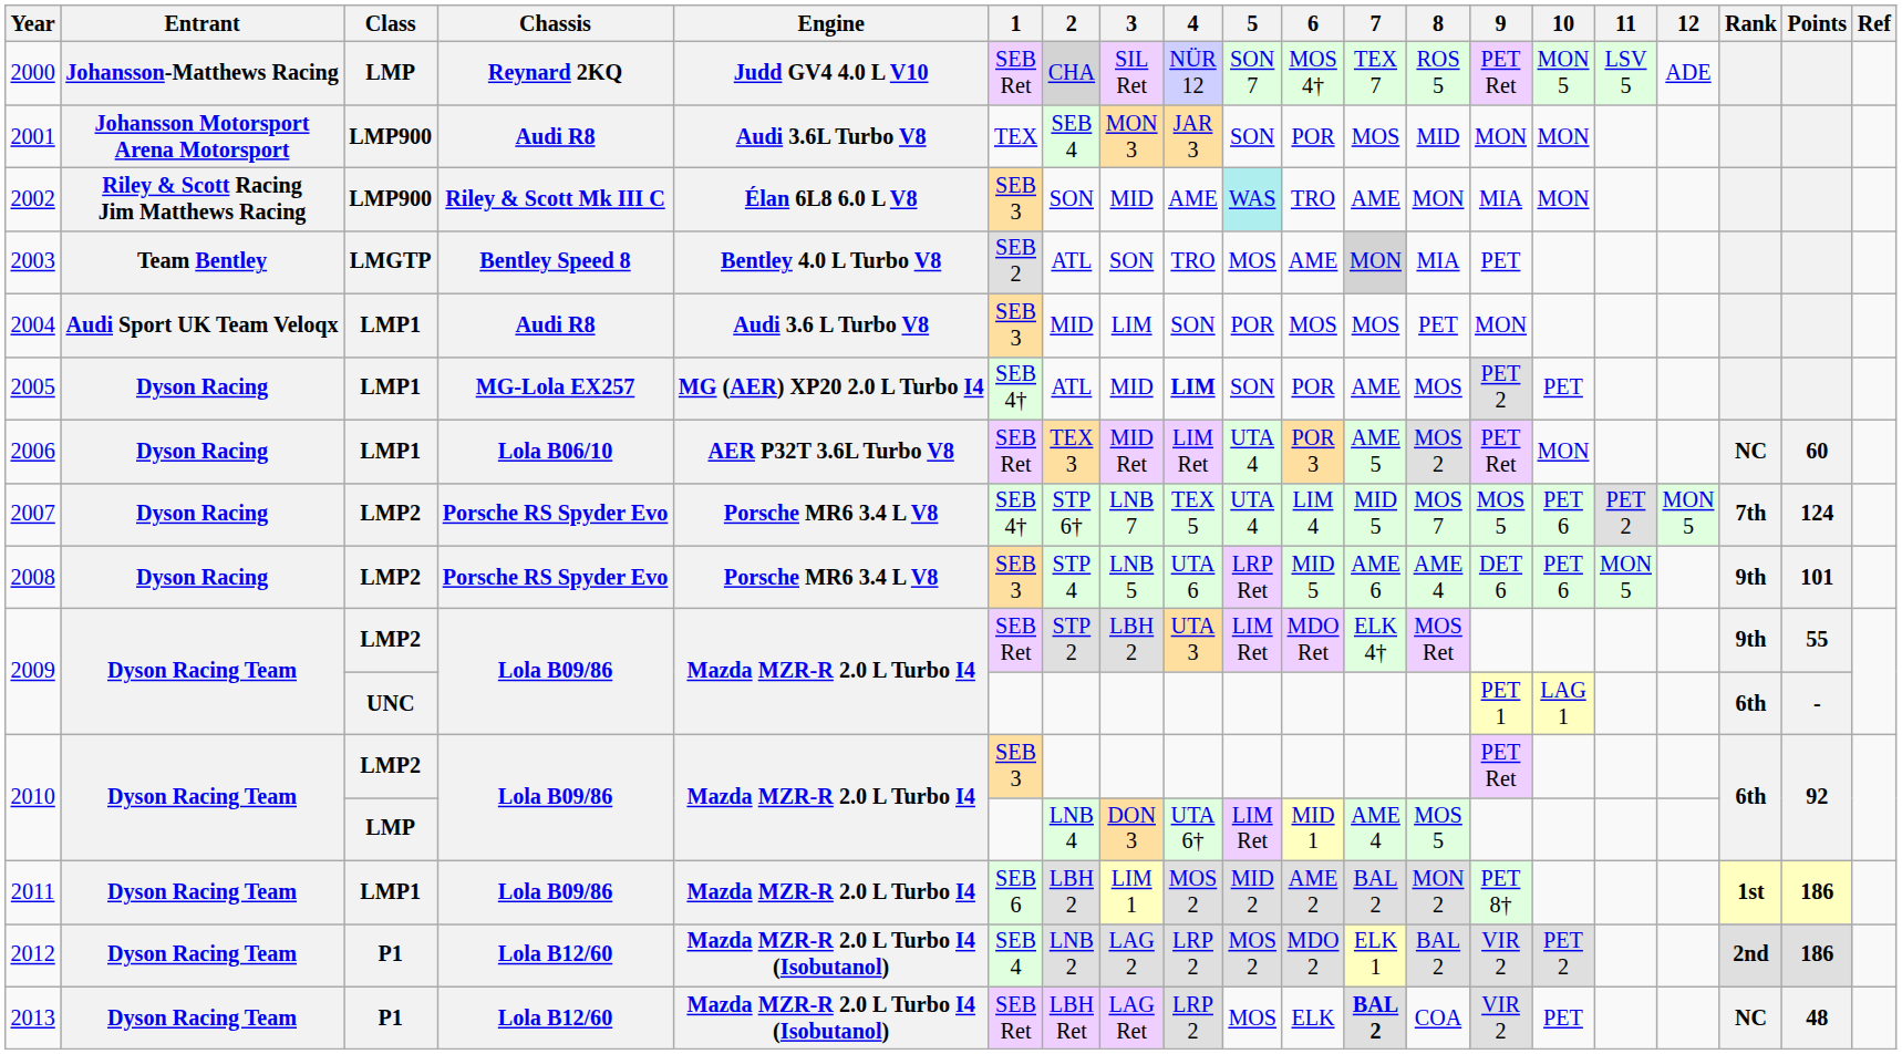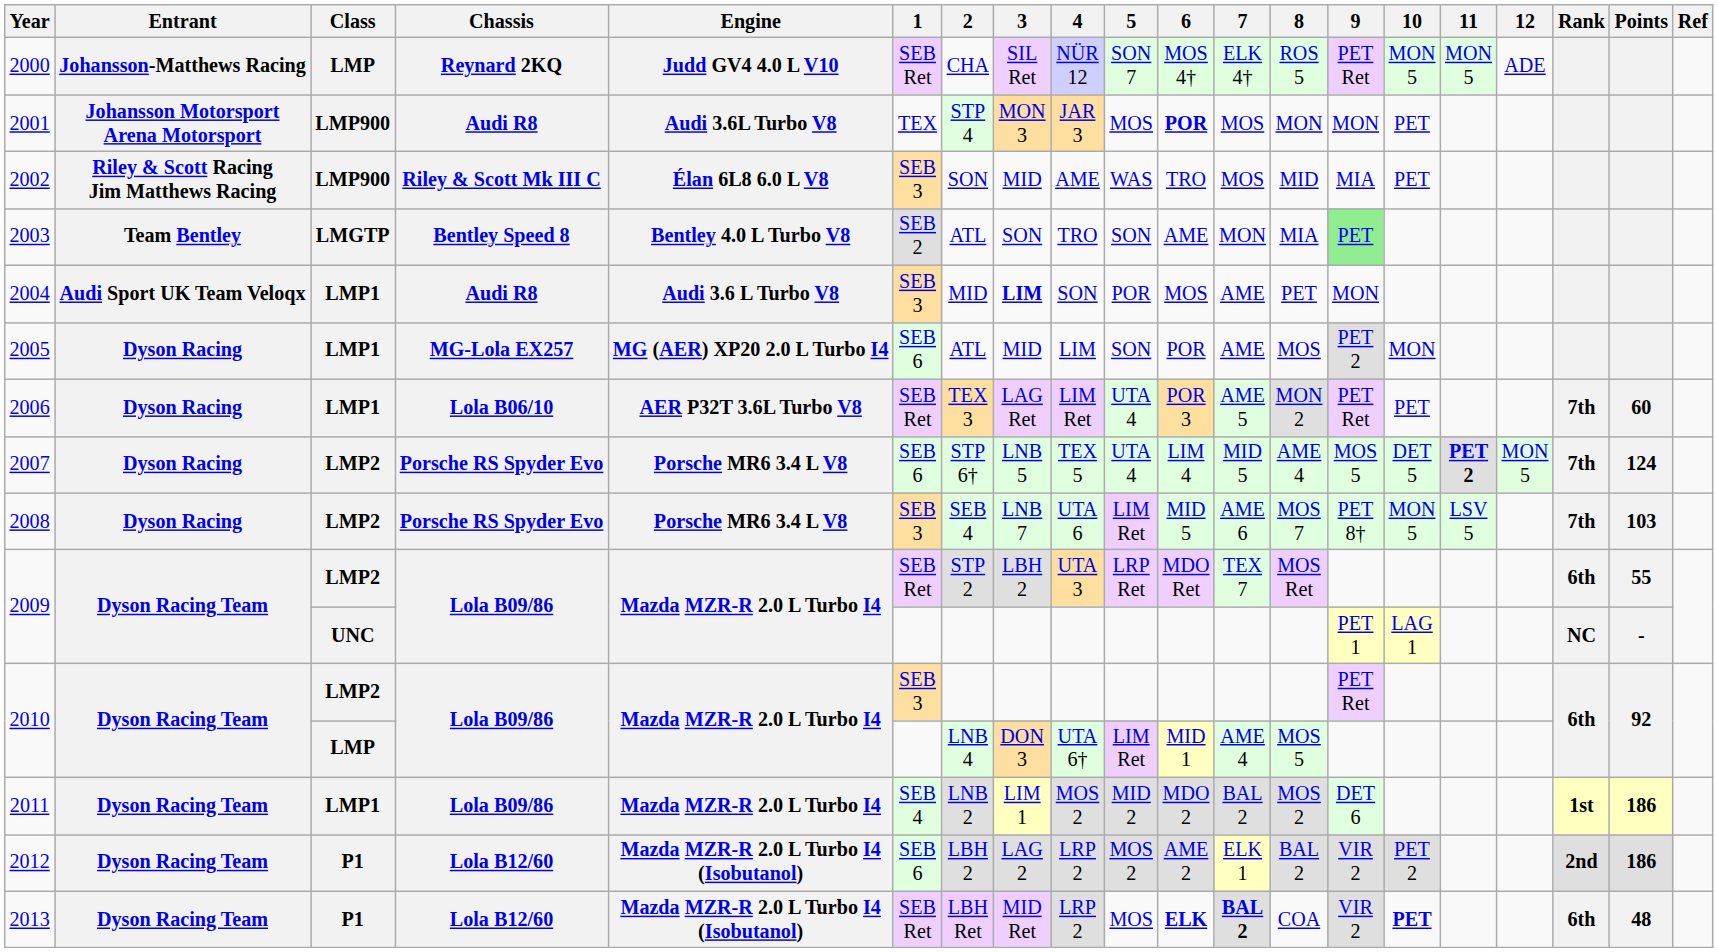 <table class="wikitable" style="text-align:center; font-size:85%">
 <tr>
 <th>Year</th>
 <th>Entrant</th>
 <th>Class</th>
 <th>Chassis</th>
 <th>Engine</th>
 <th>1</th>
 <th>2</th>
 <th>3</th>
 <th>4</th>
 <th>5</th>
 <th>6</th>
 <th>7</th>
 <th>8</th>
 <th>9</th>
 <th>10</th>
 <th>11</th>
 <th>12</th>
 <th>Rank</th>
 <th>Points</th>
 <th>Ref</th>
 </tr>
 <tr>
 <td><a href='#'>2000</a></td>
 <th nowrap><a href='#'>Johansson</a>-Matthews Racing</th>
 <th nowrap>LMP</th>
 <th nowrap><a href='#'>Reynard</a> 2KQ</th>
 <th nowrap><a href='#'>Judd</a> GV4 4.0 L <a href='#'>V10</a></th>
 <td style="background:#EFCFFF;"><a href='#'>SEB</a><br>Ret</td>
-<td style="background: lightgrey;"><a href='#'>CHA</a><br></td>
+<td><a href='#'>CHA</a><br></td>
 <td style="background:#EFCFFF;"><a href='#'>SIL</a><br>Ret</td>
 <td style="background:#CFCFFF;”"><a href='#'>NÜR</a><br>12</td>
 <td style="background:#DFFFDF;"><a href='#'>SON</a><br>7</td>
 <td style="background:#DFFFDF;"><a href='#'>MOS</a><br>4†</td>
-<td style="background:#DFFFDF;"><a href='#'>TEX</a><br>7</td>
+<td style="background:#DFFFDF;"><a href='#'>ELK</a><br>4†</td>
 <td style="background:#DFFFDF;"><a href='#'>ROS</a><br>5</td>
 <td style="background:#EFCFFF;"><a href='#'>PET</a><br>Ret</td>
 <td style="background:#DFFFDF;"><a href='#'>MON</a><br>5</td>
-<td style="background:#DFFFDF;"><a href='#'>LSV</a><br>5</td>
+<td style="background:#DFFFDF;"><a href='#'>MON</a><br>5</td>
 <td><a href='#'>ADE</a><br></td>
 <th></th>
 <th></th>
 <td></td>
 </tr>
 <tr>
 <td><a href='#'>2001</a></td>
 <th nowrap><a href='#'>Johansson Motorsport</a><br><a href='#'>Arena Motorsport</a></th>
 <th>LMP900</th>
 <th nowrap><a href='#'>Audi R8</a></th>
 <th nowrap><a href='#'>Audi</a> 3.6L Turbo <a href='#'>V8</a></th>
 <td><a href='#'>TEX</a><br></td>
-<td style="background:#DFFFDF;"><a href='#'>SEB</a><br>4</td>
+<td style="background:#DFFFDF;"><a href='#'>STP</a><br>4</td>
 <td style="background:#FFDF9F;”"><a href='#'>MON</a><br>3</td>
 <td style="background:#FFDF9F;”"><a href='#'>JAR</a><br>3</td>
-<td><a href='#'>SON</a><br></td>
-<td><a href='#'>POR</a><br></td>
 <td><a href='#'>MOS</a><br></td>
-<td><a href='#'>MID</a><br></td>
+<td><strong><a href='#'>POR</a><br></strong></td>
+<td><a href='#'>MOS</a><br></td>
 <td><a href='#'>MON</a><br></td>
 <td><a href='#'>MON</a><br></td>
+<td><a href='#'>PET</a><br></td>
 <td></td>
 <td></td>
 <th></th>
 <th></th>
 <td></td>
 </tr>
 <tr>
 <td><a href='#'>2002</a></td>
 <th nowrap><a href='#'>Riley & Scott</a> Racing<br>Jim Matthews Racing</th>
 <th>LMP900</th>
 <th nowrap><a href='#'>Riley & Scott Mk III C</a></th>
 <th nowrap><a href='#'>Élan</a> 6L8 6.0 L <a href='#'>V8</a></th>
 <td style="background:#FFDF9F;”"><a href='#'>SEB</a><br>3</td>
 <td><a href='#'>SON</a><br></td>
 <td><a href='#'>MID</a><br></td>
 <td><a href='#'>AME</a><br></td>
-<td style="background: paleturquoise;"><a href='#'>WAS</a><br></td>
+<td><a href='#'>WAS</a><br></td>
 <td><a href='#'>TRO</a><br></td>
-<td><a href='#'>AME</a><br></td>
-<td><a href='#'>MON</a><br></td>
+<td><a href='#'>MOS</a><br></td>
+<td><a href='#'>MID</a><br></td>
 <td><a href='#'>MIA</a><br></td>
-<td><a href='#'>MON</a><br></td>
+<td><a href='#'>PET</a><br></td>
 <td></td>
 <td></td>
 <th></th>
 <th></th>
 <td></td>
 </tr>
 <tr>
 <td><a href='#'>2003</a></td>
 <th nowrap>Team <a href='#'>Bentley</a></th>
 <th>LMGTP</th>
 <th nowrap><a href='#'>Bentley Speed 8</a></th>
 <th nowrap><a href='#'>Bentley</a> 4.0 L Turbo <a href='#'>V8</a></th>
 <td style="background:#DFDFDF;”"><a href='#'>SEB</a><br>2</td>
 <td><a href='#'>ATL</a><br></td>
 <td><a href='#'>SON</a><br></td>
 <td><a href='#'>TRO</a><br></td>
-<td><a href='#'>MOS</a><br></td>
+<td><a href='#'>SON</a><br></td>
 <td><a href='#'>AME</a><br></td>
-<td style="background: lightgrey;"><a href='#'>MON</a><br></td>
+<td><a href='#'>MON</a><br></td>
 <td><a href='#'>MIA</a><br></td>
-<td><a href='#'>PET</a><br></td>
+<td style="background: lightgreen;"><a href='#'>PET</a><br></td>
 <td></td>
 <td></td>
 <td></td>
 <th></th>
 <th></th>
 <td></td>
 </tr>
 <tr>
 <td><a href='#'>2004</a></td>
 <th nowrap><a href='#'>Audi</a> Sport UK Team Veloqx</th>
 <th>LMP1</th>
 <th nowrap><a href='#'>Audi R8</a></th>
 <th nowrap><a href='#'>Audi</a> 3.6 L Turbo <a href='#'>V8</a></th>
 <td style="background:#FFDF9F;”"><a href='#'>SEB</a><br>3</td>
 <td><a href='#'>MID</a><br></td>
-<td><a href='#'>LIM</a><br></td>
+<td><strong><a href='#'>LIM</a><br></strong></td>
 <td><a href='#'>SON</a><br></td>
 <td><a href='#'>POR</a><br></td>
 <td><a href='#'>MOS</a><br></td>
-<td><a href='#'>MOS</a><br></td>
+<td><a href='#'>AME</a><br></td>
 <td><a href='#'>PET</a><br></td>
 <td><a href='#'>MON</a><br></td>
 <td></td>
 <td></td>
 <td></td>
 <th></th>
 <th></th>
 <td></td>
 </tr>
 <tr>
 <td><a href='#'>2005</a></td>
 <th nowrap><a href='#'>Dyson Racing</a></th>
 <th>LMP1</th>
 <th nowrap><a href='#'>MG-Lola EX257</a></th>
 <th nowrap><a href='#'>MG</a> (<a href='#'>AER</a>) XP20 2.0 L Turbo <a href='#'>I4</a></th>
-<td style="background:#DFFFDF;"><a href='#'>SEB</a><br>4†</td>
+<td style="background:#DFFFDF;"><a href='#'>SEB</a><br>6</td>
 <td><a href='#'>ATL</a><br></td>
 <td><a href='#'>MID</a><br></td>
-<td><strong><a href='#'>LIM</a><br></strong></td>
+<td><a href='#'>LIM</a><br></td>
 <td><a href='#'>SON</a><br></td>
 <td><a href='#'>POR</a><br></td>
 <td><a href='#'>AME</a><br></td>
 <td><a href='#'>MOS</a><br></td>
 <td style="background:#DFDFDF;”"><a href='#'>PET</a><br>2</td>
-<td><a href='#'>PET</a><br></td>
+<td><a href='#'>MON</a><br></td>
 <td></td>
 <td></td>
 <th></th>
 <th></th>
 <td></td>
 </tr>
 <tr>
 <td><a href='#'>2006</a></td>
 <th nowrap><a href='#'>Dyson Racing</a></th>
 <th>LMP1</th>
 <th nowrap><a href='#'>Lola B06/10</a></th>
 <th nowrap><a href='#'>AER</a> P32T 3.6L Turbo <a href='#'>V8</a></th>
 <td style="background:#EFCFFF;"><a href='#'>SEB</a><br>Ret</td>
 <td style="background:#FFDF9F;”"><a href='#'>TEX</a><br>3</td>
-<td style="background:#EFCFFF;"><a href='#'>MID</a><br>Ret</td>
+<td style="background:#EFCFFF;"><a href='#'>LAG</a><br>Ret</td>
 <td style="background:#EFCFFF;"><a href='#'>LIM</a><br>Ret</td>
 <td style="background:#DFFFDF;"><a href='#'>UTA</a><br>4</td>
 <td style="background:#FFDF9F;”"><a href='#'>POR</a><br>3</td>
 <td style="background:#DFFFDF;"><a href='#'>AME</a><br>5</td>
-<td style="background:#DFDFDF;”"><a href='#'>MOS</a><br>2</td>
+<td style="background:#DFDFDF;”"><a href='#'>MON</a><br>2</td>
 <td style="background:#EFCFFF;"><a href='#'>PET</a><br>Ret</td>
-<td><a href='#'>MON</a><br></td>
+<td><a href='#'>PET</a><br></td>
 <td></td>
 <td></td>
-<th>NC</th>
+<th>7th</th>
 <th>60</th>
 <td></td>
 </tr>
 <tr>
 <td><a href='#'>2007</a></td>
 <th nowrap><a href='#'>Dyson Racing</a></th>
 <th>LMP2</th>
 <th nowrap><a href='#'>Porsche RS Spyder Evo</a></th>
 <th nowrap><a href='#'>Porsche</a> MR6 3.4 L <a href='#'>V8</a></th>
-<td style="background:#DFFFDF;"><a href='#'>SEB</a><br>4†</td>
+<td style="background:#DFFFDF;"><a href='#'>SEB</a><br>6</td>
 <td style="background:#DFFFDF;"><a href='#'>STP</a><br>6†</td>
-<td style="background:#DFFFDF;"><a href='#'>LNB</a><br>7</td>
+<td style="background:#DFFFDF;"><a href='#'>LNB</a><br>5</td>
 <td style="background:#DFFFDF;"><a href='#'>TEX</a><br>5</td>
 <td style="background:#DFFFDF;"><a href='#'>UTA</a><br>4</td>
 <td style="background:#DFFFDF;"><a href='#'>LIM</a><br>4</td>
 <td style="background:#DFFFDF;"><a href='#'>MID</a><br>5</td>
-<td style="background:#DFFFDF;"><a href='#'>MOS</a><br>7</td>
+<td style="background:#DFFFDF;"><a href='#'>AME</a><br>4</td>
 <td style="background:#DFFFDF;"><a href='#'>MOS</a><br>5</td>
-<td style="background:#DFFFDF;"><a href='#'>PET</a><br>6</td>
-<td style="background:#DFDFDF;”"><a href='#'>PET</a><br>2</td>
+<td style="background:#DFFFDF;"><a href='#'>DET</a><br>5</td>
+<td style="background:#DFDFDF;”"><strong><a href='#'>PET</a><br>2</strong></td>
 <td style="background:#DFFFDF;"><a href='#'>MON</a><br>5</td>
 <th>7th</th>
 <th>124</th>
 <td></td>
 </tr>
 <tr>
 <td><a href='#'>2008</a></td>
 <th nowrap><a href='#'>Dyson Racing</a></th>
 <th>LMP2</th>
 <th nowrap><a href='#'>Porsche RS Spyder Evo</a></th>
 <th nowrap><a href='#'>Porsche</a> MR6 3.4 L <a href='#'>V8</a></th>
 <td style="background:#FFDF9F;”"><a href='#'>SEB</a><br>3</td>
-<td style="background:#DFFFDF;"><a href='#'>STP</a><br>4</td>
-<td style="background:#DFFFDF;"><a href='#'>LNB</a><br>5</td>
+<td style="background:#DFFFDF;"><a href='#'>SEB</a><br>4</td>
+<td style="background:#DFFFDF;"><a href='#'>LNB</a><br>7</td>
 <td style="background:#DFFFDF;"><a href='#'>UTA</a><br>6</td>
-<td style="background:#EFCFFF;"><a href='#'>LRP</a><br>Ret</td>
+<td style="background:#EFCFFF;"><a href='#'>LIM</a><br>Ret</td>
 <td style="background:#DFFFDF;"><a href='#'>MID</a><br>5</td>
 <td style="background:#DFFFDF;"><a href='#'>AME</a><br>6</td>
-<td style="background:#DFFFDF;"><a href='#'>AME</a><br>4</td>
-<td style="background:#DFFFDF;"><a href='#'>DET</a><br>6</td>
-<td style="background:#DFFFDF;"><a href='#'>PET</a><br>6</td>
+<td style="background:#DFFFDF;"><a href='#'>MOS</a><br>7</td>
+<td style="background:#DFFFDF;"><a href='#'>PET</a><br>8†</td>
 <td style="background:#DFFFDF;"><a href='#'>MON</a><br>5</td>
+<td style="background:#DFFFDF;"><a href='#'>LSV</a><br>5</td>
 <td></td>
-<th>9th</th>
-<th>101</th>
+<th>7th</th>
+<th>103</th>
 <td></td>
 </tr>
 <tr>
 <td rowspan="2"><a href='#'>2009</a></td>
 <th rowspan="2" nowrap><a href='#'>Dyson Racing Team</a></th>
 <th>LMP2</th>
 <th rowspan="2" nowrap><a href='#'>Lola B09/86</a></th>
 <th rowspan="2" nowrap><a href='#'>Mazda</a> <a href='#'>MZR-R</a> 2.0 L Turbo <a href='#'>I4</a></th>
 <td style="background:#EFCFFF;"><a href='#'>SEB</a><br>Ret</td>
 <td style="background:#DFDFDF;”"><a href='#'>STP</a><br>2</td>
 <td style="background:#DFDFDF;”"><a href='#'>LBH</a><br>2</td>
 <td style="background:#FFDF9F;”"><a href='#'>UTA</a><br>3</td>
-<td style="background:#EFCFFF;"><a href='#'>LIM</a><br>Ret</td>
+<td style="background:#EFCFFF;"><a href='#'>LRP</a><br>Ret</td>
 <td style="background:#EFCFFF;"><a href='#'>MDO</a><br>Ret</td>
-<td style="background:#DFFFDF;"><a href='#'>ELK</a><br>4†</td>
+<td style="background:#DFFFDF;"><a href='#'>TEX</a><br>7</td>
 <td style="background:#EFCFFF;"><a href='#'>MOS</a><br>Ret</td>
 <td></td>
 <td></td>
 <td></td>
 <td></td>
-<th>9th</th>
+<th>6th</th>
 <th>55</th>
 <td rowspan="2"></td>
 </tr>
 <tr>
 <th>UNC</th>
 <td></td>
 <td></td>
 <td></td>
 <td></td>
 <td></td>
 <td></td>
 <td></td>
 <td></td>
 <td style="background:#FFFFBF;”"><a href='#'>PET</a><br>1</td>
 <td style="background:#FFFFBF;”"><a href='#'>LAG</a><br>1</td>
 <td></td>
 <td></td>
-<th>6th</th>
+<th>NC</th>
 <th>-</th>
 </tr>
 <tr>
 <td rowspan="2"><a href='#'>2010</a></td>
 <th rowspan="2" nowrap><a href='#'>Dyson Racing Team</a></th>
 <th>LMP2</th>
 <th rowspan="2" nowrap><a href='#'>Lola B09/86</a></th>
 <th rowspan="2" nowrap><a href='#'>Mazda</a> <a href='#'>MZR-R</a> 2.0 L Turbo <a href='#'>I4</a></th>
 <td style="background:#FFDF9F;”"><a href='#'>SEB</a><br>3</td>
 <td></td>
 <td></td>
 <td></td>
 <td></td>
 <td></td>
 <td></td>
 <td></td>
 <td style="background:#EFCFFF;"><a href='#'>PET</a><br>Ret</td>
 <td></td>
 <td></td>
 <td></td>
 <th rowspan="2">6th</th>
 <th rowspan="2">92</th>
 <td rowspan="2"></td>
 </tr>
 <tr>
 <th>LMP</th>
 <td></td>
 <td style="background:#DFFFDF;"><a href='#'>LNB</a><br>4</td>
 <td style="background:#FFDF9F;”"><a href='#'>DON</a><br>3</td>
 <td style="background:#DFFFDF;"><a href='#'>UTA</a><br>6†</td>
 <td style="background:#EFCFFF;"><a href='#'>LIM</a><br>Ret</td>
 <td style="background:#FFFFBF;”"><a href='#'>MID</a><br>1</td>
 <td style="background:#DFFFDF;"><a href='#'>AME</a><br>4</td>
 <td style="background:#DFFFDF;"><a href='#'>MOS</a><br>5</td>
 <td></td>
 <td></td>
 <td></td>
 <td></td>
 </tr>
 <tr>
 <td><a href='#'>2011</a></td>
 <th nowrap><a href='#'>Dyson Racing Team</a></th>
 <th>LMP1</th>
 <th nowrap><a href='#'>Lola B09/86</a></th>
 <th nowrap><a href='#'>Mazda</a> <a href='#'>MZR-R</a> 2.0 L Turbo <a href='#'>I4</a></th>
-<td style="background:#DFFFDF;"><a href='#'>SEB</a><br>6</td>
-<td style="background:#DFDFDF;”"><a href='#'>LBH</a><br>2</td>
+<td style="background:#DFFFDF;"><a href='#'>SEB</a><br>4</td>
+<td style="background:#DFDFDF;”"><a href='#'>LNB</a><br>2</td>
 <td style="background:#FFFFBF;”"><a href='#'>LIM</a><br>1</td>
 <td style="background:#DFDFDF;”"><a href='#'>MOS</a><br>2</td>
 <td style="background:#DFDFDF;”"><a href='#'>MID</a><br>2</td>
-<td style="background:#DFDFDF;”"><a href='#'>AME</a><br>2</td>
+<td style="background:#DFDFDF;”"><a href='#'>MDO</a><br>2</td>
 <td style="background:#DFDFDF;”"><a href='#'>BAL</a><br>2</td>
-<td style="background:#DFDFDF;”"><a href='#'>MON</a><br>2</td>
-<td style="background:#DFFFDF;"><a href='#'>PET</a><br>8†</td>
+<td style="background:#DFDFDF;”"><a href='#'>MOS</a><br>2</td>
+<td style="background:#DFFFDF;"><a href='#'>DET</a><br>6</td>
 <td></td>
 <td></td>
 <td></td>
 <th style="background:#FFFFBF;”">1st</th>
 <th style="background:#FFFFBF;”">186</th>
 <td></td>
 </tr>
 <tr>
 <td><a href='#'>2012</a></td>
 <th nowrap><a href='#'>Dyson Racing Team</a></th>
 <th>P1</th>
 <th nowrap><a href='#'>Lola B12/60</a></th>
 <th nowrap><a href='#'>Mazda</a> <a href='#'>MZR-R</a> 2.0 L Turbo <a href='#'>I4</a><br>(<a href='#'>Isobutanol</a>)</th>
-<td style="background:#DFFFDF;"><a href='#'>SEB</a><br>4</td>
-<td style="background:#DFDFDF;”"><a href='#'>LNB</a><br>2</td>
+<td style="background:#DFFFDF;"><a href='#'>SEB</a><br>6</td>
+<td style="background:#DFDFDF;”"><a href='#'>LBH</a><br>2</td>
 <td style="background:#DFDFDF;”"><a href='#'>LAG</a><br>2</td>
 <td style="background:#DFDFDF;”"><a href='#'>LRP</a><br>2</td>
 <td style="background:#DFDFDF;”"><a href='#'>MOS</a><br>2</td>
-<td style="background:#DFDFDF;”"><a href='#'>MDO</a><br>2</td>
+<td style="background:#DFDFDF;”"><a href='#'>AME</a><br>2</td>
 <td style="background:#FFFFBF;”"><a href='#'>ELK</a><br>1</td>
 <td style="background:#DFDFDF;”"><a href='#'>BAL</a><br>2</td>
 <td style="background:#DFDFDF;”"><a href='#'>VIR</a><br>2</td>
 <td style="background:#DFDFDF;”"><a href='#'>PET</a><br>2</td>
 <td></td>
 <td></td>
 <th style="background:#DFDFDF;”">2nd</th>
 <th style="background:#DFDFDF;”">186</th>
 <td></td>
 </tr>
 <tr>
 <td><a href='#'>2013</a></td>
 <th nowrap><a href='#'>Dyson Racing Team</a></th>
 <th>P1</th>
 <th nowrap><a href='#'>Lola B12/60</a></th>
 <th nowrap><a href='#'>Mazda</a> <a href='#'>MZR-R</a> 2.0 L Turbo <a href='#'>I4</a><br>(<a href='#'>Isobutanol</a>)</th>
 <td style="background:#EFCFFF;"><a href='#'>SEB</a><br>Ret</td>
 <td style="background:#EFCFFF;"><a href='#'>LBH</a><br>Ret</td>
-<td style="background:#EFCFFF;"><a href='#'>LAG</a><br>Ret</td>
+<td style="background:#EFCFFF;"><a href='#'>MID</a><br>Ret</td>
 <td style="background:#DFDFDF;”"><a href='#'>LRP</a><br>2</td>
 <td><a href='#'>MOS</a><br></td>
-<td><a href='#'>ELK</a><br></td>
+<td><strong><a href='#'>ELK</a><br></strong></td>
 <td style="background:#DFDFDF;”"><strong><a href='#'>BAL</a><br>2</strong></td>
 <td><a href='#'>COA</a><br></td>
 <td style="background:#DFDFDF;”"><a href='#'>VIR</a><br>2</td>
-<td><a href='#'>PET</a><br></td>
+<td><strong><a href='#'>PET</a><br></strong></td>
 <td></td>
 <td></td>
-<th>NC</th>
+<th>6th</th>
 <th>48</th>
 <td></td>
 </tr>
 </table>
